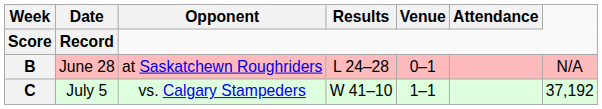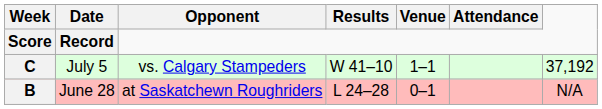 <table class="wikitable" style="text-align:center">
 <tr>
 <th>Week</th>
 <th>Date</th>
 <th>Opponent</th>
 <th>Results</th>
 <th>Venue</th>
 <th>Attendance</th>
 </tr>
 <tr>
 <th>Score</th>
 <th>Record</th>
 </tr>
+<tr style="background:#ddffdd">
+<th>C</th>
+<td>July 5</td>
+<td>vs. <a href='#'>Calgary Stampeders</a></td>
+<td>W 41–10</td>
+<td>1–1</td>
+<td></td>
+<td>37,192</td>
+</tr>
 <tr style="background:#ffbbbb">
 <th>B</th>
 <td>June 28</td>
 <td>at <a href='#'>Saskatchewn Roughriders</a></td>
 <td>L 24–28</td>
 <td>0–1</td>
 <td></td>
 <td>N/A</td>
 </tr>
-<tr style="background:#ddffdd">
-<th>C</th>
-<td>July 5</td>
-<td>vs. <a href='#'>Calgary Stampeders</a></td>
-<td>W 41–10</td>
-<td>1–1</td>
-<td></td>
-<td>37,192</td>
-</tr>
 </table>
